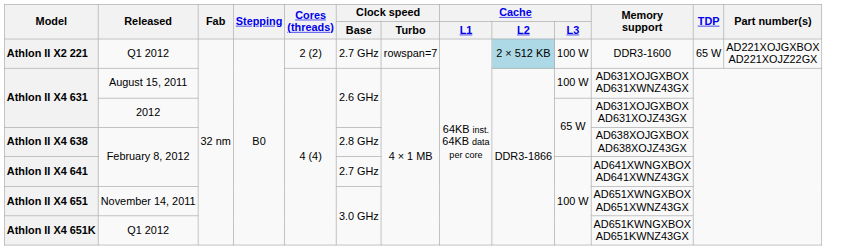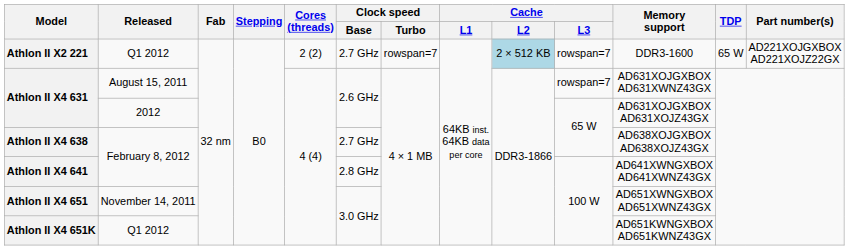 <table class="wikitable" style="text-align:center;">
 <tr>
 <th rowspan="2">Model</th>
 <th rowspan="2">Released</th>
 <th rowspan="2">Fab</th>
 <th rowspan="2"><a href='#'>Stepping</a></th>
 <th rowspan="2"><a href='#'>Cores</a><br><a href='#'>(threads)</a><br></th>
 <th colspan="2">Clock speed</th>
 <th colspan="3"><a href='#'>Cache</a></th>
 <th rowspan="2">Memory<br>support</th>
 <th rowspan="2"><a href='#'>TDP</a></th>
 <th rowspan="2">Part number(s)</th>
 </tr>
 <tr>
 <th>Base</th>
 <th>Turbo</th>
 <th><a href='#'>L1</a></th>
 <th><a href='#'>L2</a></th>
 <th><a href='#'>L3</a></th>
 </tr>
 <tr>
 <th style="text-align: left">Athlon II X2 221</th>
 <td rowspan=1>Q1 2012</td>
 <td rowspan=7>32 nm</td>
 <td rowspan=7>B0</td>
 <td rowspan=1>2 (2)</td>
 <td>2.7 GHz</td>
 <td>rowspan=7 </td>
 <td rowspan=7>64KB <small>inst.</small><br>64KB <small>data<br>per core</small></td>
 <td rowspan=1 style="background: lightblue;">2 × 512 KB</td>
-<td>100 W</td>
+<td>rowspan=7 </td>
 <td rowspan=1>DDR3-1600</td>
 <td>65 W</td>
 <td>AD221XOJGXBOX<br>AD221XOJZ22GX</td>
 </tr>
 <tr>
 <th style="text-align: left" rowspan="2">Athlon II X4 631</th>
 <td>August 15, 2011</td>
 <td rowspan=6>4 (4)</td>
 <td rowspan=2>2.6 GHz</td>
 <td rowspan=6>4 × 1 MB</td>
 <td rowspan=6>DDR3-1866</td>
-<td>100 W</td>
+<td>rowspan=7 </td>
 <td>AD631XOJGXBOX<br>AD631XWNZ43GX</td>
 </tr>
 <tr>
 <td>2012</td>
 <td rowspan="2">65 W</td>
 <td>AD631XOJGXBOX<br>AD631XOJZ43GX</td>
 </tr>
 <tr>
 <th style="text-align: left">Athlon II X4 638</th>
 <td rowspan=2>February 8, 2012</td>
-<td>2.8 GHz</td>
+<td>2.7 GHz</td>
 <td>AD638XOJGXBOX<br>AD638XOJZ43GX</td>
 </tr>
 <tr>
 <th style="text-align: left">Athlon II X4 641</th>
-<td>2.7 GHz</td>
+<td>2.8 GHz</td>
 <td rowspan=3>100 W</td>
 <td>AD641XWNGXBOX<br>AD641XWNZ43GX</td>
 </tr>
 <tr>
 <th style="text-align: left">Athlon II X4 651</th>
 <td>November 14, 2011</td>
 <td rowspan=2>3.0 GHz</td>
 <td>AD651XWNGXBOX<br>AD651XWNZ43GX</td>
 </tr>
 <tr>
 <th style="text-align: left">Athlon II X4 651K</th>
 <td>Q1 2012</td>
 <td>AD651KWNGXBOX<br>AD651KWNZ43GX</td>
 </tr>
 </table>
